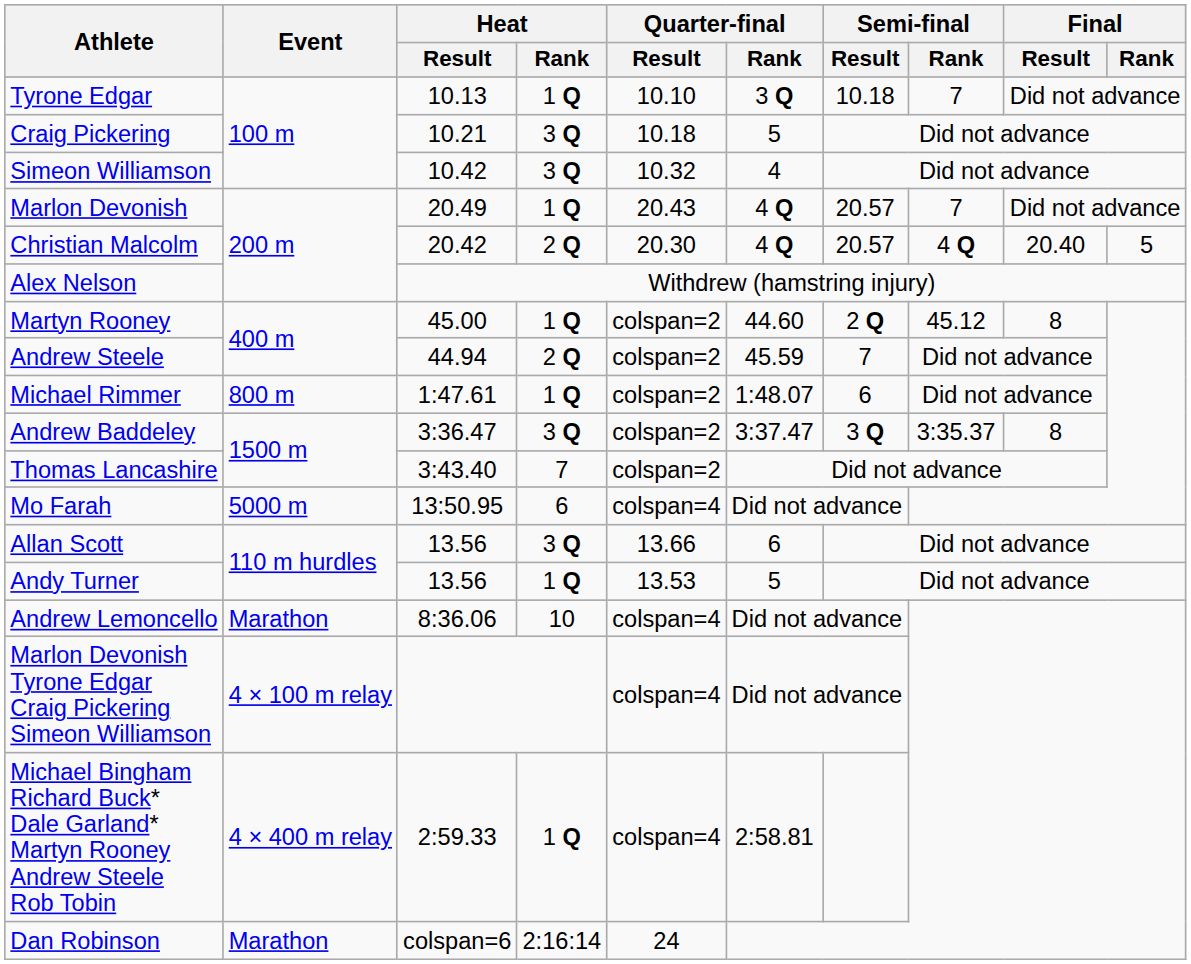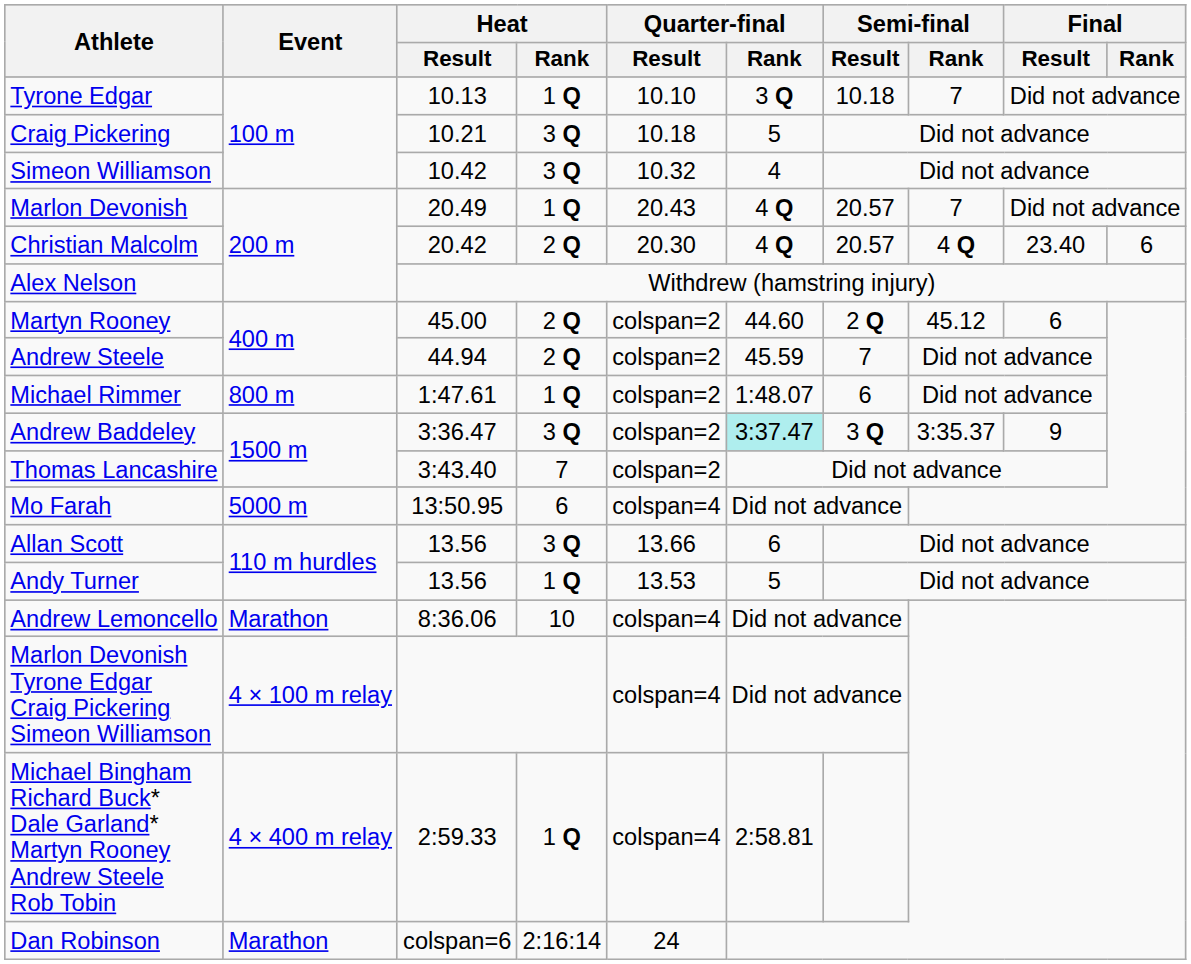 <table class=wikitable style="font-size:90%">
 <tr>
 <th rowspan="2">Athlete</th>
 <th rowspan="2">Event</th>
 <th colspan="2">Heat</th>
 <th colspan="2">Quarter-final</th>
 <th colspan="2">Semi-final</th>
 <th colspan="2">Final</th>
 </tr>
 <tr style="font-size:95%">
 <th>Result</th>
 <th>Rank</th>
 <th>Result</th>
 <th>Rank</th>
 <th>Result</th>
 <th>Rank</th>
 <th>Result</th>
 <th>Rank</th>
 </tr>
 <tr align=center>
 <td align=left><a href='#'>Tyrone Edgar</a></td>
 <td align=left rowspan=3><a href='#'>100 m</a></td>
 <td>10.13</td>
 <td>1 <strong>Q</strong></td>
 <td>10.10</td>
 <td>3 <strong>Q</strong></td>
 <td>10.18</td>
 <td>7</td>
 <td colspan=2>Did not advance</td>
 </tr>
 <tr align=center>
 <td align=left><a href='#'>Craig Pickering</a></td>
 <td>10.21</td>
 <td>3 <strong>Q</strong></td>
 <td>10.18</td>
 <td>5</td>
 <td colspan=4>Did not advance</td>
 </tr>
 <tr align=center>
 <td align=left><a href='#'>Simeon Williamson</a></td>
 <td>10.42</td>
 <td>3 <strong>Q</strong></td>
 <td>10.32</td>
 <td>4</td>
 <td colspan=4>Did not advance</td>
 </tr>
 <tr align=center>
 <td align=left><a href='#'>Marlon Devonish</a></td>
 <td align=left rowspan=3><a href='#'>200 m</a></td>
 <td>20.49</td>
 <td>1 <strong>Q</strong></td>
 <td>20.43</td>
 <td>4 <strong>Q</strong></td>
 <td>20.57</td>
 <td>7</td>
 <td colspan=2>Did not advance</td>
 </tr>
 <tr align=center>
 <td align=left><a href='#'>Christian Malcolm</a></td>
 <td>20.42</td>
 <td>2 <strong>Q</strong></td>
 <td>20.30</td>
 <td>4 <strong>Q</strong></td>
 <td>20.57</td>
 <td>4 <strong>Q</strong></td>
-<td>20.40</td>
-<td>5</td>
+<td>23.40</td>
+<td>6</td>
 </tr>
 <tr align=center>
 <td align=left><a href='#'>Alex Nelson</a></td>
 <td colspan=8>Withdrew (hamstring injury)</td>
 </tr>
 <tr align=center>
 <td align=left><a href='#'>Martyn Rooney</a></td>
 <td align=left rowspan=2><a href='#'>400 m</a></td>
 <td>45.00</td>
-<td>1 <strong>Q</strong></td>
+<td>2 <strong>Q</strong></td>
 <td>colspan=2 </td>
 <td>44.60</td>
 <td>2 <strong>Q</strong></td>
 <td>45.12</td>
-<td>8</td>
+<td>6</td>
 </tr>
 <tr align=center>
 <td align=left><a href='#'>Andrew Steele</a></td>
 <td>44.94</td>
 <td>2 <strong>Q</strong></td>
 <td>colspan=2 </td>
 <td>45.59</td>
 <td>7</td>
 <td colspan=2>Did not advance</td>
 </tr>
 <tr align=center>
 <td align=left><a href='#'>Michael Rimmer</a></td>
 <td align=left><a href='#'>800 m</a></td>
 <td>1:47.61</td>
 <td>1 <strong>Q</strong></td>
 <td>colspan=2 </td>
 <td>1:48.07</td>
 <td>6</td>
 <td colspan=2>Did not advance</td>
 </tr>
 <tr align=center>
 <td align=left><a href='#'>Andrew Baddeley</a></td>
 <td align=left rowspan=2><a href='#'>1500 m</a></td>
 <td>3:36.47</td>
 <td>3 <strong>Q</strong></td>
 <td>colspan=2 </td>
-<td>3:37.47</td>
+<td style="background: paleturquoise;">3:37.47</td>
 <td>3 <strong>Q</strong></td>
 <td>3:35.37</td>
-<td>8</td>
+<td>9</td>
 </tr>
 <tr align=center>
 <td align=left><a href='#'>Thomas Lancashire</a></td>
 <td>3:43.40</td>
 <td>7</td>
 <td>colspan=2 </td>
 <td colspan=4>Did not advance</td>
 </tr>
 <tr align=center>
 <td align=left><a href='#'>Mo Farah</a></td>
 <td align=left><a href='#'>5000 m</a></td>
 <td>13:50.95</td>
 <td>6</td>
 <td>colspan=4 </td>
 <td colspan=2>Did not advance</td>
 </tr>
 <tr align=center>
 <td align=left><a href='#'>Allan Scott</a></td>
 <td align=left rowspan=2><a href='#'>110 m hurdles</a></td>
 <td>13.56</td>
 <td>3 <strong>Q</strong></td>
 <td>13.66</td>
 <td>6</td>
 <td colspan=4>Did not advance</td>
 </tr>
 <tr align=center>
 <td align=left><a href='#'>Andy Turner</a></td>
 <td>13.56</td>
 <td>1 <strong>Q</strong></td>
 <td>13.53</td>
 <td>5</td>
 <td colspan=4>Did not advance</td>
 </tr>
 <tr align=center>
 <td align=left><a href='#'>Andrew Lemoncello</a></td>
 <td align=left><a href='#'>Marathon</a></td>
 <td>8:36.06</td>
 <td>10</td>
 <td>colspan=4 </td>
 <td colspan=2>Did not advance</td>
 </tr>
 <tr align=center>
 <td align=left><a href='#'>Marlon Devonish</a><br><a href='#'>Tyrone Edgar</a><br><a href='#'>Craig Pickering</a><br><a href='#'>Simeon Williamson</a></td>
 <td align=left><a href='#'>4 × 100 m relay</a></td>
 <td colspan=2></td>
 <td>colspan=4 </td>
 <td colspan=2>Did not advance</td>
 </tr>
 <tr align=center>
 <td align=left><a href='#'>Michael Bingham</a><br><a href='#'>Richard Buck</a>*<br><a href='#'>Dale Garland</a>*<br><a href='#'>Martyn Rooney</a><br><a href='#'>Andrew Steele</a><br><a href='#'>Rob Tobin</a></td>
 <td align=left><a href='#'>4 × 400 m relay</a></td>
 <td>2:59.33</td>
 <td>1 <strong>Q</strong></td>
 <td>colspan=4 </td>
 <td>2:58.81</td>
 <td></td>
 </tr>
 <tr align=center>
 <td align=left><a href='#'>Dan Robinson</a></td>
 <td align=left><a href='#'>Marathon</a></td>
 <td>colspan=6 </td>
 <td>2:16:14</td>
 <td>24</td>
 </tr>
 </table>
